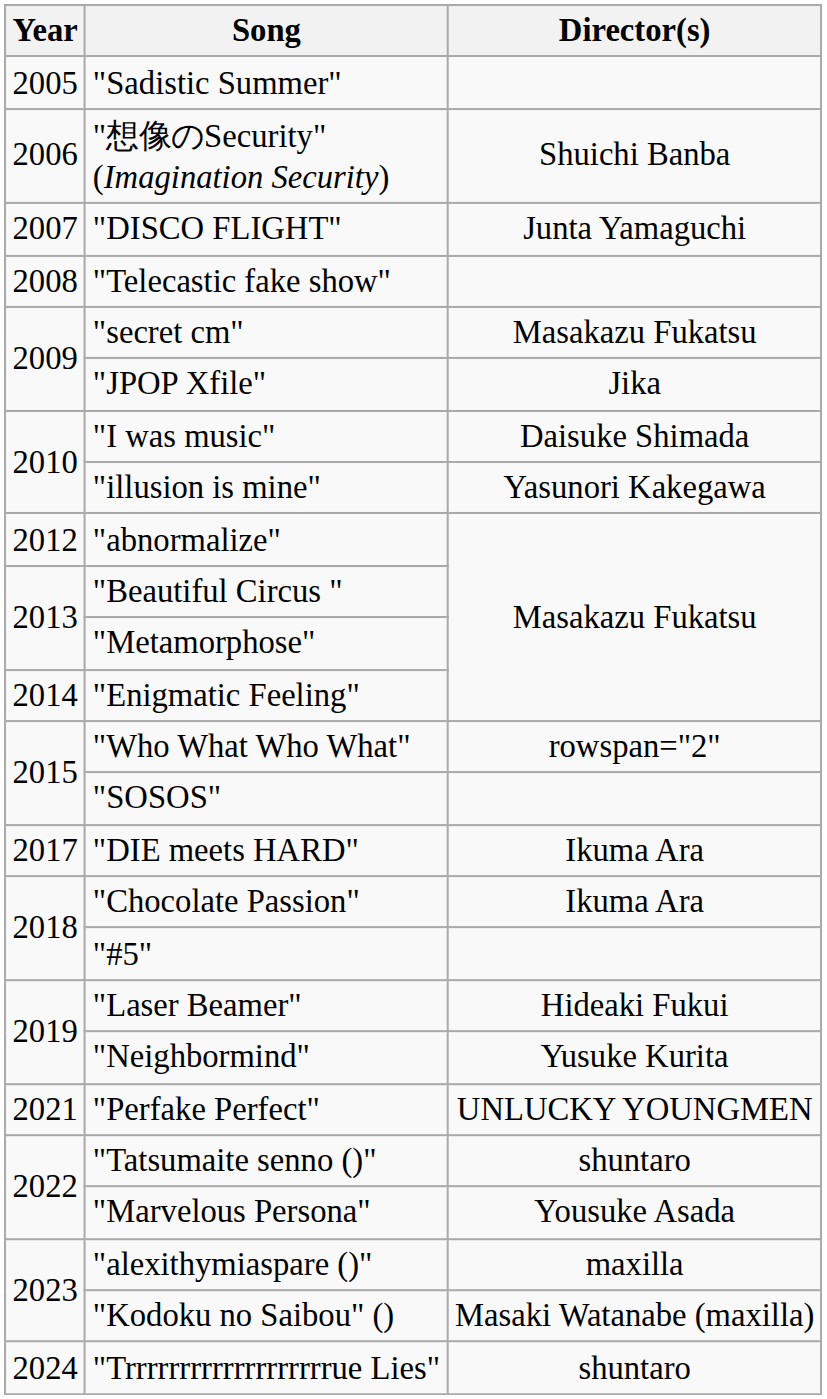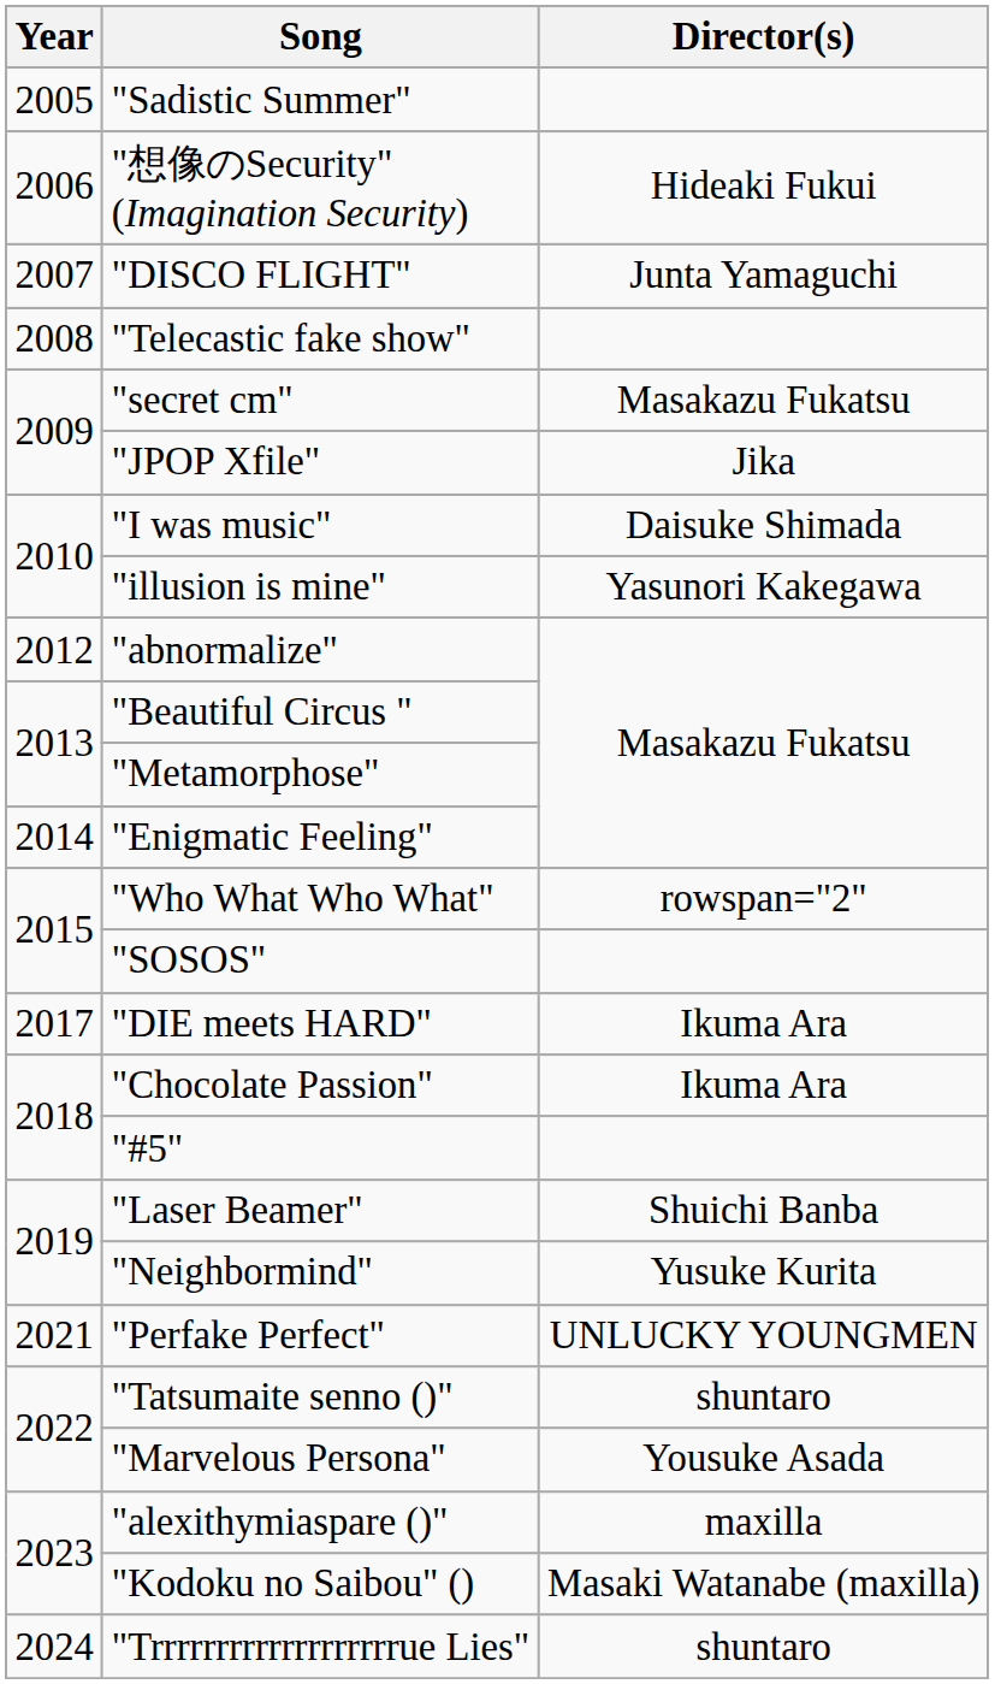 <table class="wikitable" style="text-align:center;">
 <tr>
 <th>Year</th>
 <th>Song</th>
 <th>Director(s)</th>
 </tr>
 <tr>
 <td>2005</td>
 <td align="left">"Sadistic Summer"</td>
 <td></td>
 </tr>
 <tr>
 <td>2006</td>
 <td align="left">"想像のSecurity"<br>(<em>Imagination Security</em>)</td>
-<td>Shuichi Banba</td>
+<td>Hideaki Fukui</td>
 </tr>
 <tr>
 <td>2007</td>
 <td align="left">"DISCO FLIGHT"</td>
 <td>Junta Yamaguchi</td>
 </tr>
 <tr>
 <td>2008</td>
 <td align="left">"Telecastic fake show"</td>
 <td></td>
 </tr>
 <tr>
 <td rowspan="2">2009</td>
 <td align="left">"secret cm"</td>
 <td>Masakazu Fukatsu</td>
 </tr>
 <tr>
 <td align="left">"JPOP Xfile"</td>
 <td>Jika</td>
 </tr>
 <tr>
 <td rowspan="2">2010</td>
 <td align="left">"I was music"</td>
 <td>Daisuke Shimada</td>
 </tr>
 <tr>
 <td align="left">"illusion is mine"</td>
 <td>Yasunori Kakegawa</td>
 </tr>
 <tr>
 <td>2012</td>
 <td align="left">"abnormalize"</td>
 <td rowspan="4">Masakazu Fukatsu</td>
 </tr>
 <tr>
 <td rowspan="2">2013</td>
 <td align="left">"Beautiful Circus "</td>
 </tr>
 <tr>
 <td align="left">"Metamorphose"</td>
 </tr>
 <tr>
 <td>2014</td>
 <td align="left">"Enigmatic Feeling"</td>
 </tr>
 <tr>
 <td rowspan="2">2015</td>
 <td align="left">"Who What Who What"</td>
 <td>rowspan="2" </td>
 </tr>
 <tr>
 <td align="left">"SOSOS"</td>
 </tr>
 <tr>
 <td>2017</td>
 <td align="left">"DIE meets HARD"</td>
 <td>Ikuma Ara</td>
 </tr>
 <tr>
 <td rowspan="2">2018</td>
 <td align="left">"Chocolate Passion"</td>
 <td>Ikuma Ara</td>
 </tr>
 <tr>
 <td align="left">"#5"</td>
 <td></td>
 </tr>
 <tr>
 <td rowspan="2">2019</td>
 <td align="left">"Laser Beamer"</td>
-<td>Hideaki Fukui</td>
+<td>Shuichi Banba</td>
 </tr>
 <tr>
 <td align="left">"Neighbormind"</td>
 <td>Yusuke Kurita</td>
 </tr>
 <tr>
 <td>2021</td>
 <td align="left">"Perfake Perfect"</td>
 <td>UNLUCKY YOUNGMEN</td>
 </tr>
 <tr>
 <td rowspan="2">2022</td>
 <td align="left">"Tatsumaite senno ()"</td>
 <td>shuntaro</td>
 </tr>
 <tr>
 <td align="left">"Marvelous Persona"</td>
 <td>Yousuke Asada</td>
 </tr>
 <tr>
 <td rowspan="2">2023</td>
 <td align="left">"alexithymiaspare ()"</td>
 <td>maxilla</td>
 </tr>
 <tr>
 <td align="left">"Kodoku no Saibou" ()</td>
 <td>Masaki Watanabe (maxilla)</td>
 </tr>
 <tr>
 <td>2024</td>
 <td align="left">"Trrrrrrrrrrrrrrrrrrrue Lies"</td>
 <td>shuntaro</td>
 </tr>
 </table>
